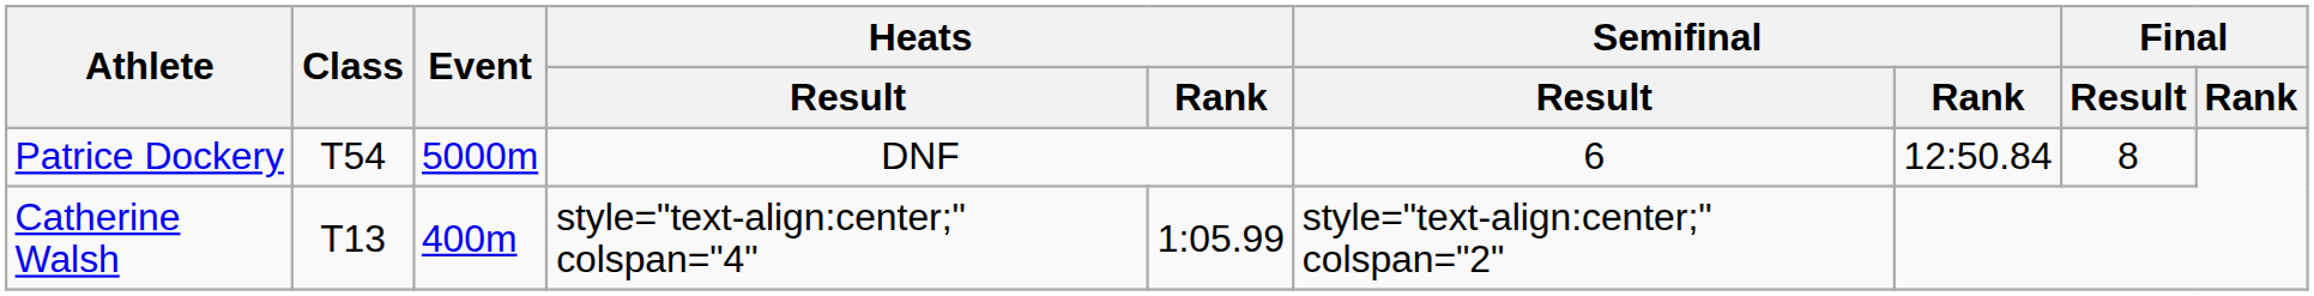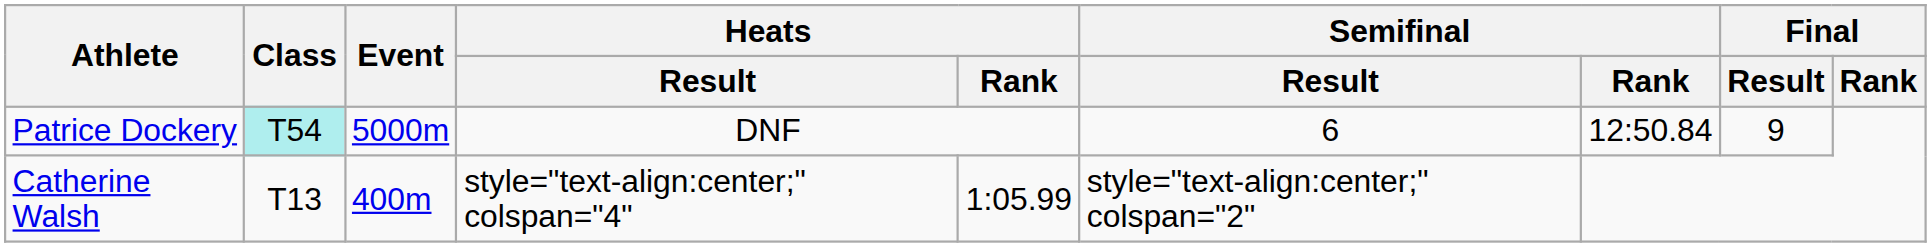 <table class=wikitable style="font-size:90%">
 <tr>
 <th rowspan="2">Athlete</th>
 <th rowspan="2">Class</th>
 <th rowspan="2">Event</th>
 <th colspan="2">Heats</th>
 <th colspan="2">Semifinal</th>
 <th colspan="2">Final</th>
 </tr>
 <tr>
 <th>Result</th>
 <th>Rank</th>
 <th>Result</th>
 <th>Rank</th>
 <th>Result</th>
 <th>Rank</th>
 </tr>
 <tr>
 <td><a href='#'>Patrice Dockery</a></td>
-<td style="text-align:center;">T54</td>
+<td style="background: paleturquoise; text-align:center;">T54</td>
 <td><a href='#'>5000m</a></td>
 <td style="text-align:center;" colspan="2">DNF</td>
 <td style="text-align:center;">6</td>
 <td style="text-align:center;">12:50.84</td>
-<td style="text-align:center;">8</td>
+<td style="text-align:center;">9</td>
 </tr>
 <tr>
 <td><a href='#'>Catherine Walsh</a></td>
 <td style="text-align:center;">T13</td>
 <td><a href='#'>400m</a></td>
 <td>style="text-align:center;" colspan="4" </td>
 <td style="text-align:center;">1:05.99</td>
 <td>style="text-align:center;" colspan="2" </td>
 </tr>
 </table>
